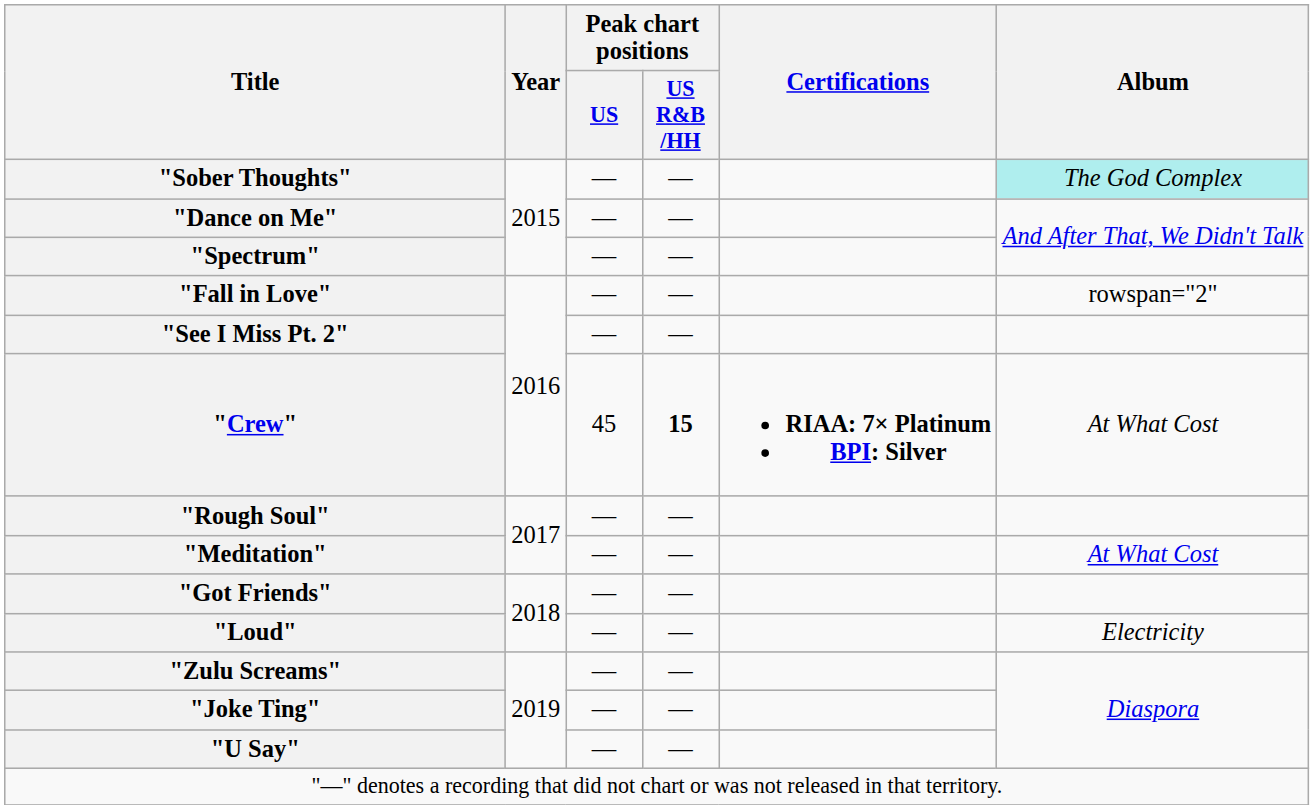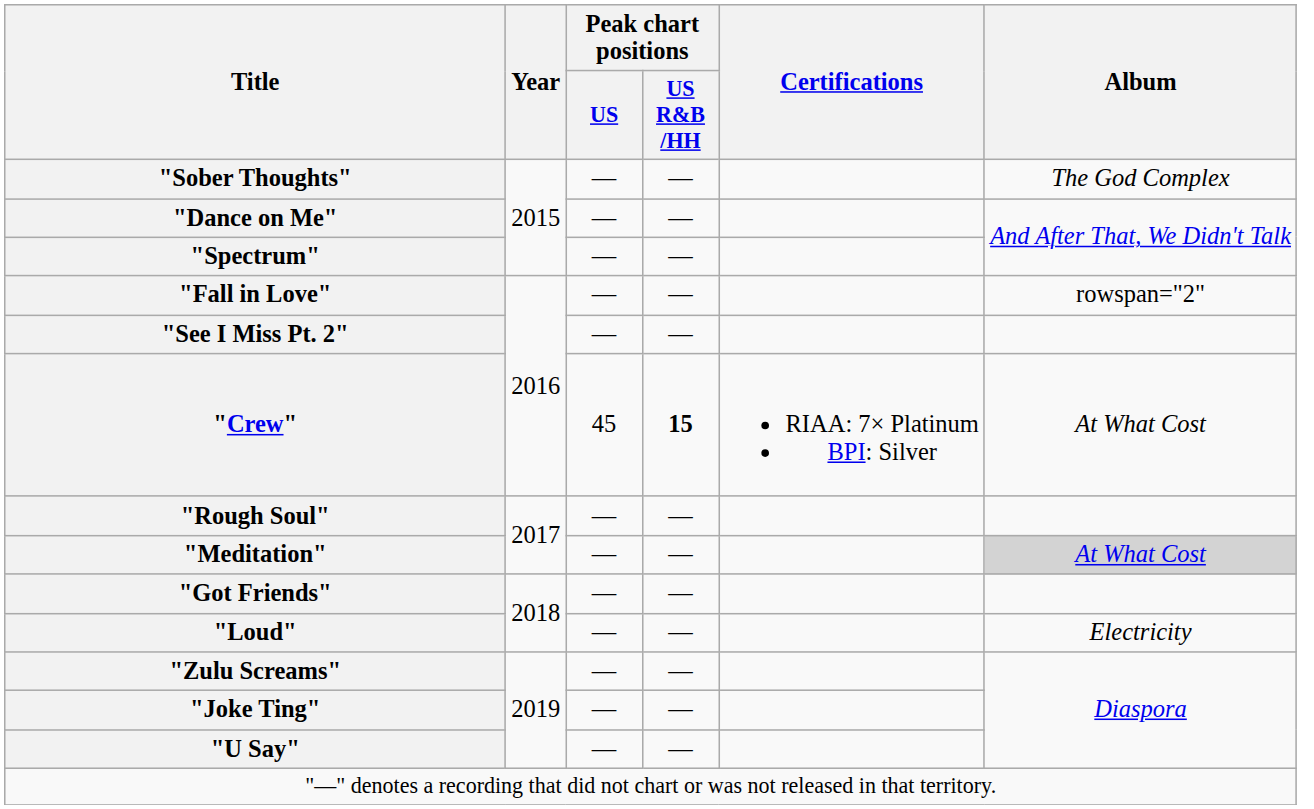 <table class="wikitable plainrowheaders" style="text-align:center;">
 <tr>
 <th scope="col" rowspan="2" style="width:20em;">Title</th>
 <th scope="col" rowspan="2" style="width:1em;">Year</th>
 <th scope="col" colspan="2">Peak chart positions</th>
 <th scope="col" rowspan="2"><a href='#'>Certifications</a></th>
 <th scope="col" rowspan="2">Album</th>
 </tr>
 <tr>
 <th scope="col" style="width:3em;font-size:90%;"><a href='#'>US</a><br></th>
 <th scope="col" style="width:3em;font-size:90%;"><a href='#'>US<br>R&B<br>/HH</a><br></th>
 </tr>
 <tr>
 <th scope="row">"Sober Thoughts"</th>
 <td rowspan="3">2015</td>
 <td>—</td>
 <td>—</td>
 <td></td>
-<td style="background: paleturquoise;"><em>The God Complex</em></td>
+<td><em>The God Complex</em></td>
 </tr>
 <tr>
 <th scope="row">"Dance on Me"</th>
 <td>—</td>
 <td>—</td>
 <td></td>
 <td rowspan="2"><em><a href='#'>And After That, We Didn't Talk</a></em></td>
 </tr>
 <tr>
 <th scope="row">"Spectrum"</th>
 <td>—</td>
 <td>—</td>
 <td></td>
 </tr>
 <tr>
 <th scope="row">"Fall in Love"<br></th>
 <td rowspan="3">2016</td>
 <td>—</td>
 <td>—</td>
 <td></td>
 <td>rowspan="2" </td>
 </tr>
 <tr>
 <th scope="row">"See I Miss Pt. 2"<br></th>
 <td>—</td>
 <td>—</td>
 <td></td>
 </tr>
 <tr>
 <th scope="row">"<a href='#'>Crew</a>"<br></th>
 <td>45</td>
 <td><strong>15</strong></td>
-<td><strong><br><ul><li>RIAA: 7× Platinum</li><li><a href='#'>BPI</a>: Silver</li></ul></strong></td>
+<td><br><ul><li>RIAA: 7× Platinum</li><li><a href='#'>BPI</a>: Silver</li></ul></td>
 <td><em>At What Cost</em></td>
 </tr>
 <tr>
 <th scope="row">"Rough Soul"<br></th>
 <td rowspan="2">2017</td>
 <td>—</td>
 <td>—</td>
 <td></td>
 <td></td>
 </tr>
 <tr>
 <th scope="row">"Meditation"<br></th>
 <td>—</td>
 <td>—</td>
 <td></td>
-<td><em><a href='#'>At What Cost</a></em></td>
+<td style="background: lightgrey;"><em><a href='#'>At What Cost</a></em></td>
 </tr>
 <tr>
 <th scope="row">"Got Friends"<br></th>
 <td rowspan="2">2018</td>
 <td>—</td>
 <td>—</td>
 <td></td>
 <td></td>
 </tr>
 <tr>
 <th scope="row">"Loud"<br></th>
 <td>—</td>
 <td>—</td>
 <td></td>
 <td><em>Electricity</em></td>
 </tr>
 <tr>
 <th scope="row">"Zulu Screams"<br></th>
 <td rowspan="3">2019</td>
 <td>—</td>
 <td>—</td>
 <td></td>
 <td rowspan="3"><em><a href='#'>Diaspora</a></em></td>
 </tr>
 <tr>
 <th scope="row">"Joke Ting"<br></th>
 <td>—</td>
 <td>—</td>
 <td></td>
 </tr>
 <tr>
 <th scope="row">"U Say"<br></th>
 <td>—</td>
 <td>—</td>
 <td></td>
 </tr>
 <tr>
 <td colspan="12" style="font-size:90%">"—" denotes a recording that did not chart or was not released in that territory.</td>
 </tr>
 </table>
